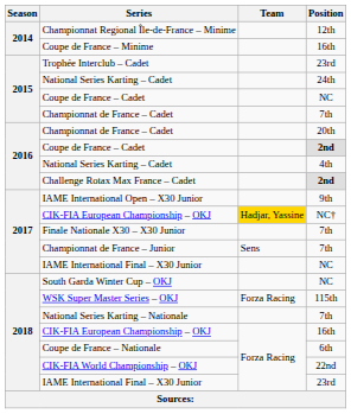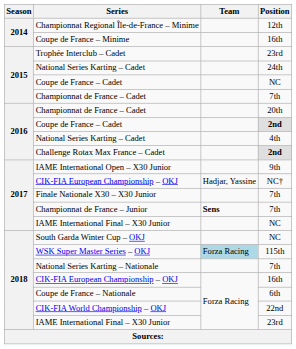 <table class="wikitable" style="font-size: 85%; text-align:center">
 <tr>
 <th>Season</th>
 <th>Series</th>
 <th>Team</th>
 <th>Position</th>
 </tr>
 <tr>
 <th rowspan="2">2014</th>
 <td align="left">Championnat Regional Île-de-France – Minime</td>
 <td align="left"></td>
 <td>12th</td>
 </tr>
 <tr>
 <td align="left">Coupe de France – Minime</td>
 <td align="left"></td>
 <td>16th</td>
 </tr>
 <tr>
 <th rowspan="4">2015</th>
 <td align="left">Trophée Interclub – Cadet</td>
 <td align="left"></td>
 <td>23rd</td>
 </tr>
 <tr>
 <td align="left">National Series Karting – Cadet</td>
 <td align="left"></td>
 <td>24th</td>
 </tr>
 <tr>
 <td align="left">Coupe de France – Cadet</td>
 <td align="left"></td>
 <td>NC</td>
 </tr>
 <tr>
 <td align="left">Championnat de France – Cadet</td>
 <td align="left"></td>
 <td>7th</td>
 </tr>
 <tr>
 <th rowspan="4">2016</th>
 <td align="left">Championnat de France – Cadet</td>
 <td align="left"></td>
 <td>20th</td>
 </tr>
 <tr>
 <td align="left">Coupe de France – Cadet</td>
 <td align="left"></td>
 <td style="background:#DFDFDF;"><strong>2nd</strong></td>
 </tr>
 <tr>
 <td align="left">National Series Karting – Cadet</td>
 <td align="left"></td>
 <td>4th</td>
 </tr>
 <tr>
 <td align="left">Challenge Rotax Max France – Cadet</td>
 <td align="left"></td>
 <td style="background:#DFDFDF;"><strong>2nd</strong></td>
 </tr>
 <tr>
 <th rowspan="5">2017</th>
 <td align="left">IAME International Open – X30 Junior</td>
 <td align="left"></td>
 <td>9th</td>
 </tr>
 <tr>
 <td align="left"><a href='#'>CIK-FIA European Championship</a> – <a href='#'>OKJ</a></td>
-<td align="left" style="background: gold;">Hadjar, Yassine</td>
+<td align="left">Hadjar, Yassine</td>
 <td>NC†</td>
 </tr>
 <tr>
 <td align="left">Finale Nationale X30 – X30 Junior</td>
 <td align="left"></td>
 <td>7th</td>
 </tr>
 <tr>
 <td align="left">Championnat de France – Junior</td>
-<td align="left">Sens</td>
+<td align="left"><strong>Sens</strong></td>
 <td>7th</td>
 </tr>
 <tr>
 <td align="left">IAME International Final – X30 Junior</td>
 <td align="left"></td>
 <td>NC</td>
 </tr>
 <tr>
 <th rowspan="7">2018</th>
 <td align="left">South Garda Winter Cup – <a href='#'>OKJ</a></td>
 <td align="left"></td>
 <td>NC</td>
 </tr>
 <tr>
 <td align="left"><a href='#'>WSK Super Master Series</a> – <a href='#'>OKJ</a></td>
-<td align="left">Forza Racing</td>
+<td align="left" style="background: lightblue;">Forza Racing</td>
 <td>115th</td>
 </tr>
 <tr>
 <td align="left">National Series Karting – Nationale</td>
 <td align="left"></td>
 <td>7th</td>
 </tr>
 <tr>
 <td align="left"><a href='#'>CIK-FIA European Championship</a> – <a href='#'>OKJ</a></td>
 <td rowspan="4"  align="left">Forza Racing</td>
 <td>16th</td>
 </tr>
 <tr>
 <td align="left">Coupe de France – Nationale</td>
 <td>6th</td>
 </tr>
 <tr>
 <td align="left"><a href='#'>CIK-FIA World Championship</a> – <a href='#'>OKJ</a></td>
 <td>22nd</td>
 </tr>
 <tr>
 <td align="left">IAME International Final – X30 Junior</td>
 <td>23rd</td>
 </tr>
 <tr>
 <th colspan="4">Sources:</th>
 </tr>
 </table>
